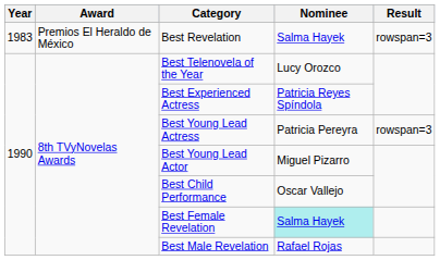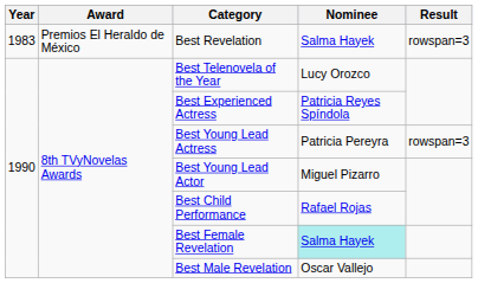 <table class="wikitable">
 <tr style="background:#b0c4de;">
 <th>Year</th>
 <th>Award</th>
 <th>Category</th>
 <th>Nominee</th>
 <th>Result</th>
 </tr>
 <tr>
 <td>1983</td>
 <td>Premios El Heraldo de México</td>
 <td>Best Revelation</td>
 <td><a href='#'>Salma Hayek</a></td>
 <td>rowspan=3 </td>
 </tr>
 <tr>
 <td rowspan=7>1990</td>
 <td rowspan=7><a href='#'>8th TVyNovelas Awards</a></td>
 <td><a href='#'>Best Telenovela of the Year</a></td>
 <td>Lucy Orozco</td>
 </tr>
 <tr>
 <td><a href='#'>Best Experienced Actress</a></td>
 <td><a href='#'>Patricia Reyes Spíndola</a></td>
 </tr>
 <tr>
 <td><a href='#'>Best Young Lead Actress</a></td>
 <td>Patricia Pereyra</td>
 <td>rowspan=3 </td>
 </tr>
 <tr>
 <td><a href='#'>Best Young Lead Actor</a></td>
 <td>Miguel Pizarro</td>
 </tr>
 <tr>
 <td><a href='#'>Best Child Performance</a></td>
-<td>Oscar Vallejo</td>
+<td><a href='#'>Rafael Rojas</a></td>
 </tr>
 <tr>
 <td><a href='#'>Best Female Revelation</a></td>
 <td style="background: paleturquoise;"><a href='#'>Salma Hayek</a></td>
 <td></td>
 </tr>
 <tr>
 <td><a href='#'>Best Male Revelation</a></td>
-<td><a href='#'>Rafael Rojas</a></td>
+<td>Oscar Vallejo</td>
 <td></td>
 </tr>
 </table>
